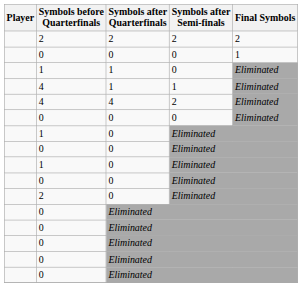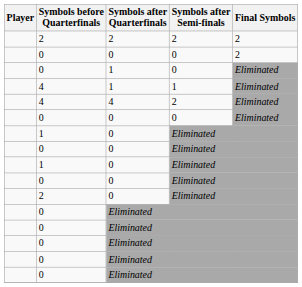 <table class="wikitable sortable">
 <tr>
 <th>Player</th>
 <th>Symbols before <br> Quarterfinals</th>
 <th>Symbols after<br> Quarterfinals</th>
 <th>Symbols after<br>Semi-finals</th>
 <th>Final Symbols</th>
 </tr>
 <tr>
 <td></td>
 <td>2</td>
 <td>2</td>
 <td>2</td>
 <td>2</td>
 </tr>
 <tr>
 <td></td>
 <td>0</td>
 <td>0</td>
 <td>0</td>
-<td>1</td>
+<td>2</td>
 </tr>
 <tr>
 <td></td>
-<td>1</td>
+<td>0</td>
 <td>1</td>
 <td>0</td>
 <td colspan=6 style="background:darkgray"><em>Eliminated</em></td>
 </tr>
 <tr>
 <td></td>
 <td>4</td>
 <td>1</td>
 <td>1</td>
 <td colspan=6 style="background:darkgray"><em>Eliminated</em></td>
 </tr>
 <tr>
 <td></td>
 <td>4</td>
 <td>4</td>
 <td>2</td>
 <td colspan=6 style="background:darkgray"><em>Eliminated</em></td>
 </tr>
 <tr>
 <td></td>
 <td>0</td>
 <td>0</td>
 <td>0</td>
 <td colspan=6 style="background:darkgray"><em>Eliminated</em></td>
 </tr>
 <tr>
 <td></td>
 <td>1</td>
 <td>0</td>
 <td colspan=6 style="background:darkgray"><em>Eliminated</em></td>
 </tr>
 <tr>
 <td></td>
 <td>0</td>
 <td>0</td>
 <td colspan=6 style="background:darkgray"><em>Eliminated</em></td>
 </tr>
 <tr>
 <td></td>
 <td>1</td>
 <td>0</td>
 <td colspan=6 style="background:darkgray"><em>Eliminated</em></td>
 </tr>
 <tr>
 <td></td>
 <td>0</td>
 <td>0</td>
 <td colspan=6 style="background:darkgray"><em>Eliminated</em></td>
 </tr>
 <tr>
 <td></td>
 <td>2</td>
 <td>0</td>
 <td colspan=6 style="background:darkgray"><em>Eliminated</em></td>
 </tr>
 <tr>
 <td></td>
 <td>0</td>
 <td colspan=6 style="background:darkgray"><em>Eliminated</em></td>
 </tr>
 <tr>
 <td></td>
 <td>0</td>
 <td colspan=6 style="background:darkgray"><em>Eliminated</em></td>
 </tr>
 <tr>
 <td></td>
 <td>0</td>
 <td colspan=6 style="background:darkgray"><em>Eliminated</em></td>
 </tr>
 <tr>
 <td></td>
 <td>0</td>
 <td colspan=6 style="background:darkgray"><em>Eliminated</em></td>
 </tr>
 <tr>
 <td></td>
 <td>0</td>
 <td colspan=6 style="background:darkgray"><em>Eliminated</em></td>
 </tr>
 <tr>
 </tr>
 </table>
